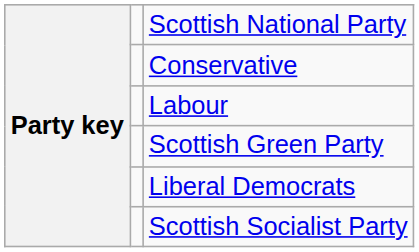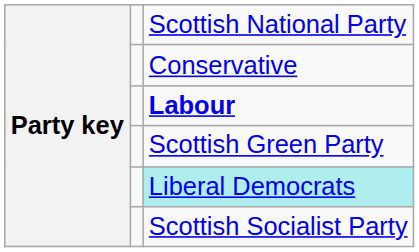 <table class=wikitable>
 <tr>
 <th rowspan=6>Party key</th>
 <td width="1" style="color:inherit;background:"></td>
 <td><a href='#'>Scottish National Party</a></td>
 </tr>
 <tr>
 <td width="1" style="color:inherit;background:"></td>
 <td><a href='#'>Conservative</a></td>
 </tr>
 <tr>
 <td width="1" style="color:inherit;background:"></td>
-<td><a href='#'>Labour</a></td>
+<td><strong><a href='#'>Labour</a></strong></td>
 </tr>
 <tr>
 <td width="1" style="color:inherit;background:"></td>
 <td><a href='#'>Scottish Green Party</a></td>
 </tr>
 <tr>
 <td width="1" style="color:inherit;background:"></td>
-<td><a href='#'>Liberal Democrats</a></td>
+<td style="background: paleturquoise;"><a href='#'>Liberal Democrats</a></td>
 </tr>
 <tr>
 <td width="1" style="color:inherit;background:"></td>
 <td><a href='#'>Scottish Socialist Party</a></td>
 </tr>
 </table>
